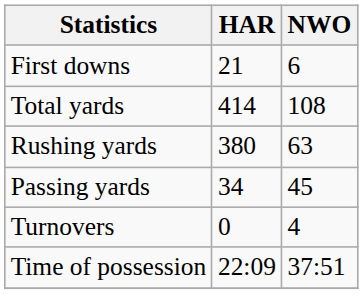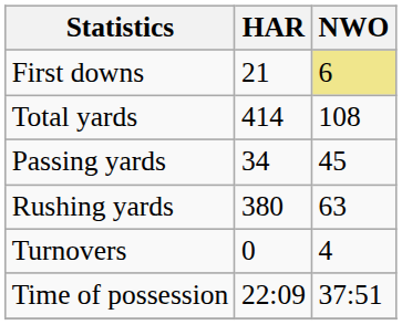 <table class="wikitable" style="float: left;">
 <tr>
 <th>Statistics</th>
 <th>HAR</th>
 <th>NWO</th>
 </tr>
 <tr>
 <td>First downs</td>
 <td>21</td>
-<td>6</td>
+<td style="background: khaki;">6</td>
 </tr>
 <tr>
 <td>Total yards</td>
 <td>414</td>
 <td>108</td>
 </tr>
 <tr>
+<td>Passing yards</td>
+<td>34</td>
+<td>45</td>
+</tr>
+<tr>
 <td>Rushing yards</td>
 <td>380</td>
 <td>63</td>
-</tr>
-<tr>
-<td>Passing yards</td>
-<td>34</td>
-<td>45</td>
 </tr>
 <tr>
 <td>Turnovers</td>
 <td>0</td>
 <td>4</td>
 </tr>
 <tr>
 <td>Time of possession</td>
 <td>22:09</td>
 <td>37:51</td>
 </tr>
 <tr>
 </tr>
 </table>
